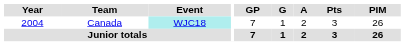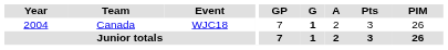 <table border="0" cellpadding="1" cellspacing="0" ID="Table3" style="text-align:center; width:40em">
 <tr bgcolor="#e0e0e0">
 <th>Year</th>
 <th>Team</th>
 <th>Event</th>
 <th rowspan="102" bgcolor="#ffffff"></th>
 <th>GP</th>
 <th>G</th>
 <th>A</th>
 <th>Pts</th>
 <th>PIM</th>
 </tr>
 <tr>
 <td><a href='#'>2004</a></td>
 <td><a href='#'>Canada</a></td>
-<td style="background: paleturquoise;"><a href='#'>WJC18</a></td>
+<td><a href='#'>WJC18</a></td>
 <td>7</td>
-<td>1</td>
+<td><strong>1</strong></td>
 <td>2</td>
 <td>3</td>
 <td>26</td>
 </tr>
 <tr bgcolor="#e0e0e0">
 <th colspan="3">Junior totals</th>
 <th>7</th>
 <th>1</th>
 <th>2</th>
 <th>3</th>
 <th>26</th>
 </tr>
 </table>
